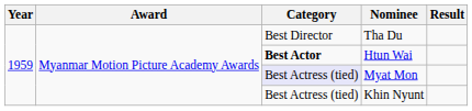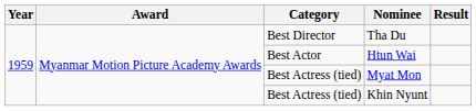 <table class="wikitable">
 <tr>
 <th>Year</th>
 <th>Award</th>
 <th>Category</th>
 <th>Nominee</th>
 <th>Result</th>
 </tr>
 <tr>
 <td scope="row" rowspan="4"><a href='#'>1959</a></td>
 <td scope="row" rowspan="4"><a href='#'>Myanmar Motion Picture Academy Awards</a></td>
 <td>Best Director</td>
 <td>Tha Du</td>
 <td></td>
 </tr>
 <tr>
-<td><strong>Best Actor</strong></td>
+<td>Best Actor</td>
 <td><a href='#'>Htun Wai</a></td>
 <td></td>
 </tr>
 <tr>
-<td style="background: lavender;">Best Actress (tied)</td>
+<td>Best Actress (tied)</td>
 <td><a href='#'>Myat Mon</a></td>
 <td></td>
 </tr>
 <tr>
 <td>Best Actress (tied)</td>
 <td>Khin Nyunt</td>
 <td></td>
 </tr>
 </table>
